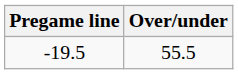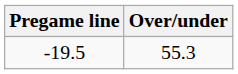 <table class="wikitable" style="margin-left: auto; margin-right: auto; border: none; display: inline-table;">
 <tr align="center">
 <th style=>Pregame line</th>
 <th style=>Over/under</th>
 </tr>
 <tr align="center">
 <td>-19.5</td>
-<td>55.5</td>
+<td>55.3</td>
 </tr>
 </table>
